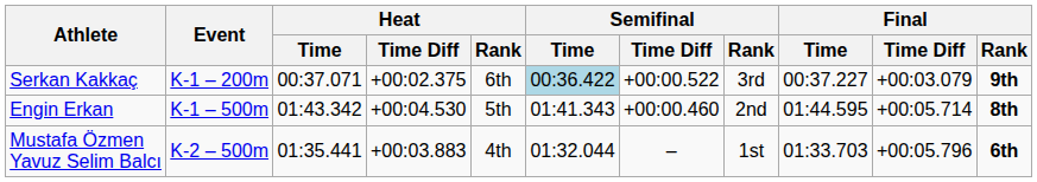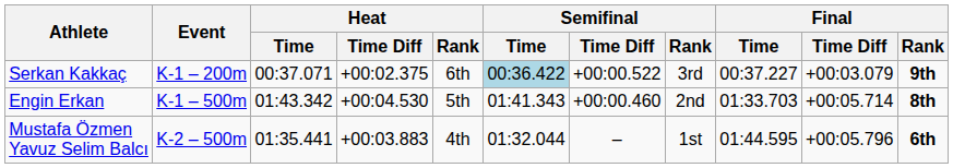 <table class=wikitable>
 <tr>
 <th rowspan=2>Athlete</th>
 <th rowspan=2>Event</th>
 <th colspan=3>Heat</th>
 <th colspan=3>Semifinal</th>
 <th colspan=3>Final</th>
 </tr>
 <tr>
 <th>Time</th>
 <th>Time Diff</th>
 <th>Rank</th>
 <th>Time</th>
 <th>Time Diff</th>
 <th>Rank</th>
 <th>Time</th>
 <th>Time Diff</th>
 <th>Rank</th>
 </tr>
 <tr align=center>
 <td align=left><a href='#'>Serkan Kakkaç</a></td>
 <td><a href='#'>K-1 – 200m</a></td>
 <td>00:37.071</td>
 <td>+00:02.375</td>
 <td>6th</td>
 <td style="background: lightblue;">00:36.422</td>
 <td>+00:00.522</td>
 <td>3rd</td>
 <td>00:37.227</td>
 <td>+00:03.079</td>
 <td><strong>9th</strong></td>
 </tr>
 <tr align=center>
 <td align=left><a href='#'>Engin Erkan</a></td>
 <td><a href='#'>K-1 – 500m</a></td>
 <td>01:43.342</td>
 <td>+00:04.530</td>
 <td>5th</td>
 <td>01:41.343</td>
 <td>+00:00.460</td>
 <td>2nd</td>
-<td>01:44.595</td>
+<td>01:33.703</td>
 <td>+00:05.714</td>
 <td><strong>8th</strong></td>
 </tr>
 <tr align=center>
 <td align=left><a href='#'>Mustafa Özmen</a><br><a href='#'>Yavuz Selim Balcı</a></td>
 <td><a href='#'>K-2 – 500m</a></td>
 <td>01:35.441</td>
 <td>+00:03.883</td>
 <td>4th</td>
 <td>01:32.044</td>
 <td>–</td>
 <td>1st</td>
-<td>01:33.703</td>
+<td>01:44.595</td>
 <td>+00:05.796</td>
 <td><strong>6th</strong></td>
 </tr>
 </table>
